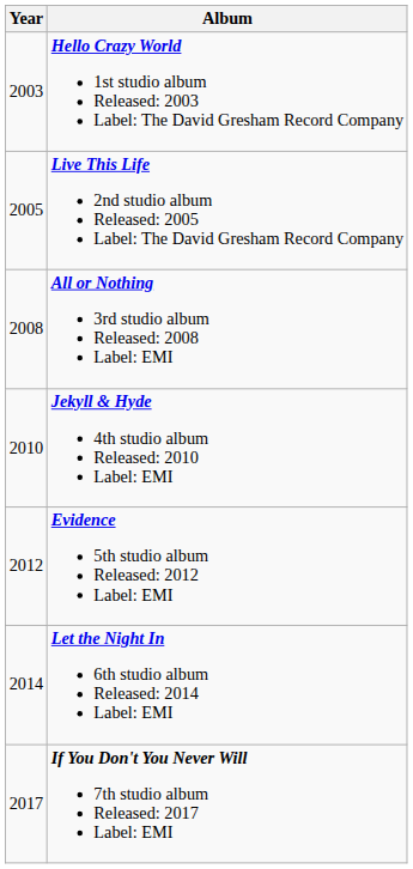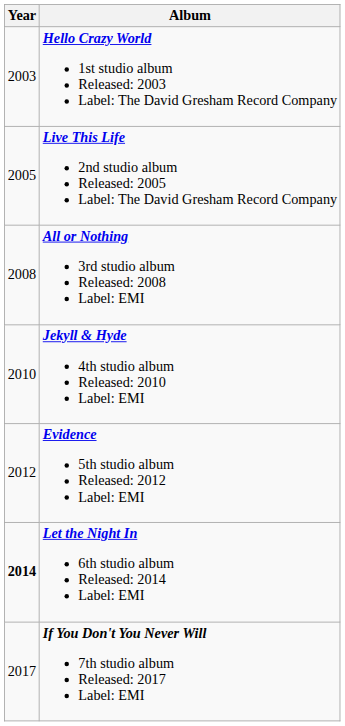 <table class="wikitable">
 <tr>
 <th>Year</th>
 <th>Album</th>
 </tr>
 <tr>
 <td>2003</td>
 <td><strong><em><a href='#'>Hello Crazy World</a></em></strong><br><ul><li>1st studio album</li><li>Released: 2003</li><li>Label: The David Gresham Record Company</li></ul></td>
 </tr>
 <tr>
 <td>2005</td>
 <td><strong><em><a href='#'>Live This Life</a></em></strong><br><ul><li>2nd studio album</li><li>Released: 2005</li><li>Label: The David Gresham Record Company</li></ul></td>
 </tr>
 <tr>
 <td>2008</td>
 <td><strong><em><a href='#'>All or Nothing</a></em></strong><br><ul><li>3rd studio album</li><li>Released: 2008</li><li>Label: EMI</li></ul></td>
 </tr>
 <tr>
 <td>2010</td>
 <td><strong><em><a href='#'>Jekyll & Hyde</a></em></strong><br><ul><li>4th studio album</li><li>Released: 2010</li><li>Label: EMI</li></ul></td>
 </tr>
 <tr>
 <td>2012</td>
 <td><strong><em><a href='#'>Evidence</a></em></strong><br><ul><li>5th studio album</li><li>Released: 2012</li><li>Label: EMI</li></ul></td>
 </tr>
 <tr>
-<td>2014</td>
+<td><strong>2014</strong></td>
 <td><strong><em><a href='#'>Let the Night In</a></em></strong><br><ul><li>6th studio album</li><li>Released: 2014</li><li>Label: EMI</li></ul></td>
 </tr>
 <tr>
 <td>2017</td>
 <td><strong><em>If You Don't You Never Will</em></strong><br><ul><li>7th studio album</li><li>Released: 2017</li><li>Label: EMI</li></ul></td>
 </tr>
 </table>
